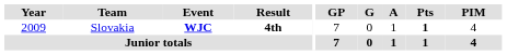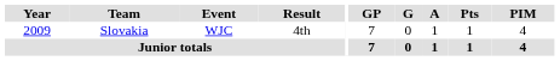 <table border="0" cellpadding="1" cellspacing="0" ID="Table3" style="text-align:center; width:40em">
 <tr ALIGN="center" bgcolor="#e0e0e0">
 <th>Year</th>
 <th>Team</th>
 <th>Event</th>
 <th>Result</th>
 <th rowspan="99" bgcolor="#ffffff"></th>
 <th>GP</th>
 <th>G</th>
 <th>A</th>
 <th>Pts</th>
 <th>PIM</th>
 </tr>
 <tr>
 </tr>
 <tr>
 <td><a href='#'>2009</a></td>
 <td><a href='#'>Slovakia</a></td>
-<td><strong><a href='#'>WJC</a></strong></td>
-<td><strong>4th</strong></td>
+<td><a href='#'>WJC</a></td>
+<td>4th</td>
 <td>7</td>
 <td>0</td>
 <td>1</td>
-<td><strong>1</strong></td>
+<td>1</td>
 <td>4</td>
 </tr>
 <tr bgcolor="#e0e0e0">
 <th colspan="4">Junior totals</th>
 <th>7</th>
 <th>0</th>
 <th>1</th>
 <th>1</th>
 <th>4</th>
 </tr>
 </table>
